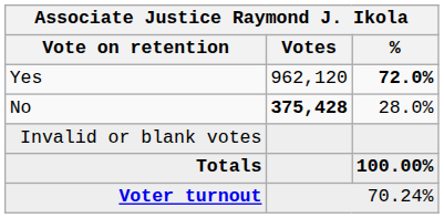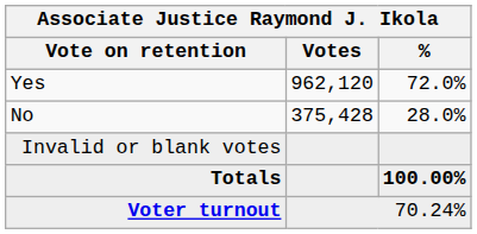 <table class="wikitable" style="font-size: 95%;">
 <tr style="background-color:#E9E9E9">
 <th colspan=7>Associate Justice Raymond J. Ikola</th>
 </tr>
 <tr style="background-color:#E9E9E9">
 <th style="width: 170px">Vote on retention</th>
 <th style="width: 50px">Votes</th>
 <th style="width: 40px">%</th>
 </tr>
 <tr>
 <td>Yes</td>
 <td align="right">962,120</td>
-<td align="right"><strong>72.0%</strong></td>
+<td align="right">72.0%</td>
 </tr>
 <tr>
 <td>No</td>
-<td align="right"><strong>375,428</strong></td>
+<td align="right">375,428</td>
 <td align="right">28.0%</td>
 </tr>
 <tr bgcolor="#EEEEEE">
 <td align="right">Invalid or blank votes</td>
 <td align="right"></td>
 <td align="right"></td>
 </tr>
 <tr bgcolor="#EEEEEE">
 <td align="right"><strong>Totals</strong></td>
 <td align="right"><strong></strong></td>
 <td align="right"><strong>100.00%</strong></td>
 </tr>
 <tr bgcolor="#EEEEEE">
 <td align="right"><strong><a href='#'>Voter turnout</a></strong></td>
 <td colspan="2" align="right">70.24%</td>
 </tr>
 </table>
